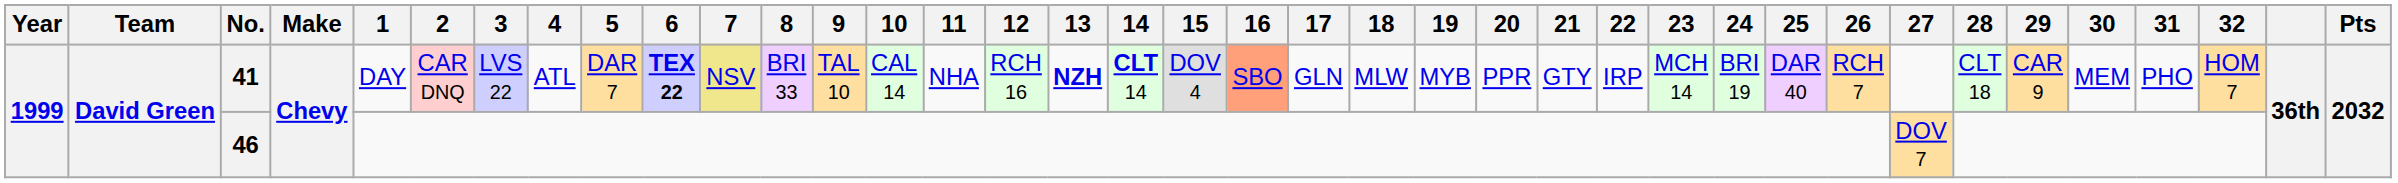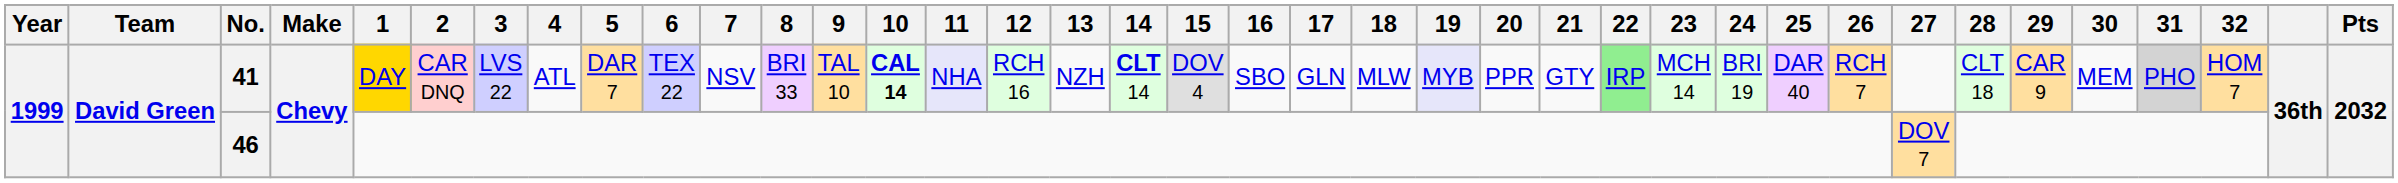 <table class="wikitable" style="text-align:center; font-size:75%">
 <tr>
 <th>Year</th>
 <th>Team</th>
 <th>No.</th>
 <th>Make</th>
 <th>1</th>
 <th>2</th>
 <th>3</th>
 <th>4</th>
 <th>5</th>
 <th>6</th>
 <th>7</th>
 <th>8</th>
 <th>9</th>
 <th>10</th>
 <th>11</th>
 <th>12</th>
 <th>13</th>
 <th>14</th>
 <th>15</th>
 <th>16</th>
 <th>17</th>
 <th>18</th>
 <th>19</th>
 <th>20</th>
 <th>21</th>
 <th>22</th>
 <th>23</th>
 <th>24</th>
 <th>25</th>
 <th>26</th>
 <th>27</th>
 <th>28</th>
 <th>29</th>
 <th>30</th>
 <th>31</th>
 <th>32</th>
 <th></th>
 <th>Pts</th>
 </tr>
 <tr>
 <th rowspan=2><a href='#'>1999</a></th>
 <th rowspan=2><a href='#'>David Green</a></th>
 <th>41</th>
 <th rowspan=2><a href='#'>Chevy</a></th>
-<td><a href='#'>DAY</a></td>
+<td style="background: gold;"><a href='#'>DAY</a></td>
 <td style="background:#FFCFCF;"><a href='#'>CAR</a><br><small>DNQ</small></td>
 <td style="background:#CFCFFF;"><a href='#'>LVS</a><br><small>22</small></td>
 <td><a href='#'>ATL</a></td>
 <td style="background:#FFDF9F;"><a href='#'>DAR</a><br><small>7</small></td>
-<td style="background:#CFCFFF;"><strong><a href='#'>TEX</a><br><small>22</small></strong></td>
-<td style="background: khaki;"><a href='#'>NSV</a></td>
+<td style="background:#CFCFFF;"><a href='#'>TEX</a><br><small>22</small></td>
+<td><a href='#'>NSV</a></td>
 <td style="background:#EFCFFF;"><a href='#'>BRI</a><br><small>33</small></td>
 <td style="background:#FFDF9F;"><a href='#'>TAL</a><br><small>10</small></td>
-<td style="background:#DFFFDF;"><a href='#'>CAL</a><br><small>14</small></td>
-<td><a href='#'>NHA</a></td>
+<td style="background:#DFFFDF;"><strong><a href='#'>CAL</a><br><small>14</small></strong></td>
+<td style="background: lavender;"><a href='#'>NHA</a></td>
 <td style="background:#DFFFDF;"><a href='#'>RCH</a><br><small>16</small></td>
-<td><strong><a href='#'>NZH</a></strong></td>
+<td><a href='#'>NZH</a></td>
 <td style="background:#DFFFDF;"><strong><a href='#'>CLT</a></strong><br><small>14</small></td>
 <td style="background:#DFDFDF;"><a href='#'>DOV</a><br><small>4</small></td>
-<td style="background: lightsalmon;"><a href='#'>SBO</a></td>
+<td><a href='#'>SBO</a></td>
 <td><a href='#'>GLN</a></td>
 <td><a href='#'>MLW</a></td>
-<td><a href='#'>MYB</a></td>
+<td style="background: lavender;"><a href='#'>MYB</a></td>
 <td><a href='#'>PPR</a></td>
 <td><a href='#'>GTY</a></td>
-<td><a href='#'>IRP</a></td>
+<td style="background: lightgreen;"><a href='#'>IRP</a></td>
 <td style="background:#DFFFDF;"><a href='#'>MCH</a><br><small>14</small></td>
 <td style="background:#DFFFDF;"><a href='#'>BRI</a><br><small>19</small></td>
 <td style="background:#EFCFFF;"><a href='#'>DAR</a><br><small>40</small></td>
 <td style="background:#FFDF9F;"><a href='#'>RCH</a><br><small>7</small></td>
 <td></td>
 <td style="background:#DFFFDF;"><a href='#'>CLT</a><br><small>18</small></td>
 <td style="background:#FFDF9F;"><a href='#'>CAR</a><br><small>9</small></td>
 <td><a href='#'>MEM</a></td>
-<td><a href='#'>PHO</a></td>
+<td style="background: lightgrey;"><a href='#'>PHO</a></td>
 <td style="background:#FFDF9F;"><a href='#'>HOM</a><br><small>7</small></td>
 <th rowspan=2>36th</th>
 <th rowspan=2>2032</th>
 </tr>
 <tr>
 <th>46</th>
 <td colspan=26></td>
 <td style="background:#FFDF9F;"><a href='#'>DOV</a><br><small>7</small></td>
 <td colspan=5></td>
 </tr>
 </table>
